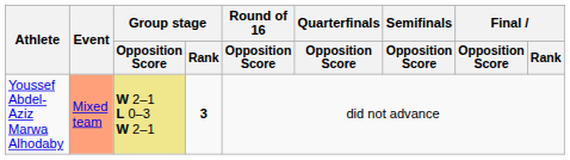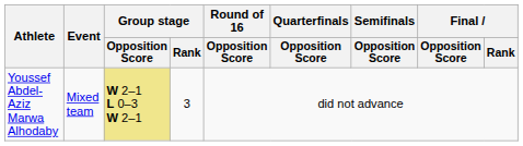 <table class=wikitable style="font-size:90%">
 <tr>
 <th rowspan=2>Athlete</th>
 <th rowspan=2>Event</th>
 <th colspan=2>Group stage</th>
 <th>Round of 16</th>
 <th>Quarterfinals</th>
 <th>Semifinals</th>
 <th colspan=2>Final / </th>
 </tr>
 <tr style="font-size:95%">
 <th>Opposition<br>Score</th>
 <th>Rank</th>
 <th>Opposition<br>Score</th>
 <th>Opposition<br>Score</th>
 <th>Opposition<br>Score</th>
 <th>Opposition<br>Score</th>
 <th>Rank</th>
 </tr>
 <tr align=center>
 <td align=left><a href='#'>Youssef Abdel-Aziz</a><br><a href='#'>Marwa Alhodaby</a></td>
-<td align=left style="background: lightsalmon;"><a href='#'>Mixed team</a></td>
+<td align=left><a href='#'>Mixed team</a></td>
 <td align=left style="background: khaki;"> <strong>W</strong>  2–1<br> <strong>L</strong> 0–3<br> <strong>W</strong> 2–1</td>
-<td><strong>3</strong></td>
+<td>3</td>
 <td colspan=5>did not advance</td>
 </tr>
 </table>
